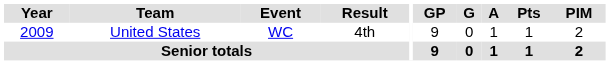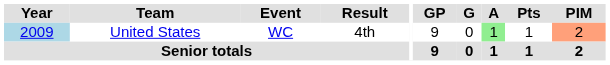 <table border="0" cellpadding="1" cellspacing="0" ID="Table3" style="text-align:center; width:40em;">
 <tr bgcolor="#e0e0e0">
 <th>Year</th>
 <th>Team</th>
 <th>Event</th>
 <th>Result</th>
 <th rowspan="102" bgcolor="#ffffff"></th>
 <th>GP</th>
 <th>G</th>
 <th>A</th>
 <th>Pts</th>
 <th>PIM</th>
 </tr>
 <tr>
-<td><a href='#'>2009</a></td>
+<td style="background: lightblue;"><a href='#'>2009</a></td>
 <td><a href='#'>United States</a></td>
 <td><a href='#'>WC</a></td>
 <td>4th</td>
 <td>9</td>
 <td>0</td>
+<td style="background: lightgreen;">1</td>
 <td>1</td>
-<td>1</td>
-<td>2</td>
+<td style="background: lightsalmon;">2</td>
 </tr>
 <tr bgcolor="#e0e0e0">
 <th colspan="4">Senior totals</th>
 <th>9</th>
 <th>0</th>
 <th>1</th>
 <th>1</th>
 <th>2</th>
 </tr>
 </table>
